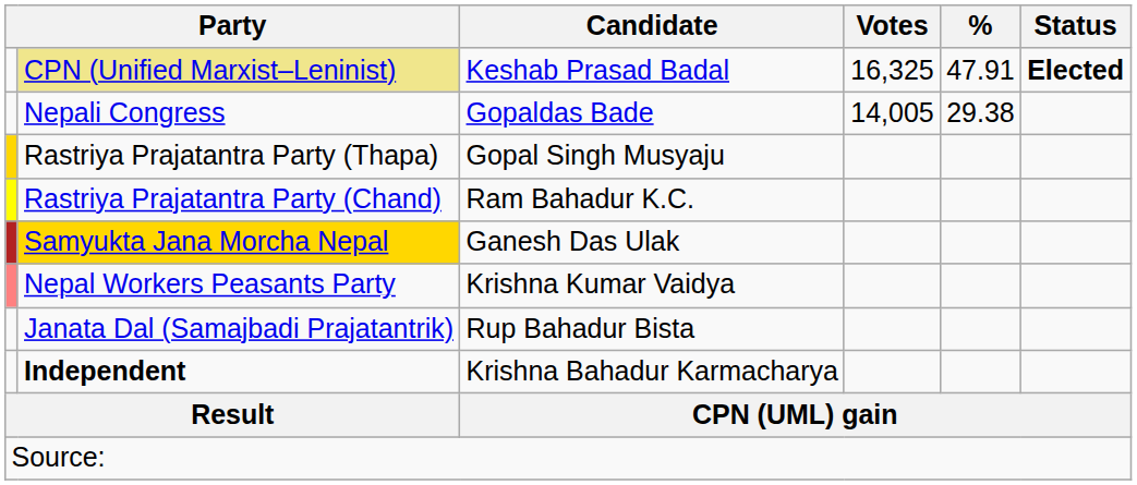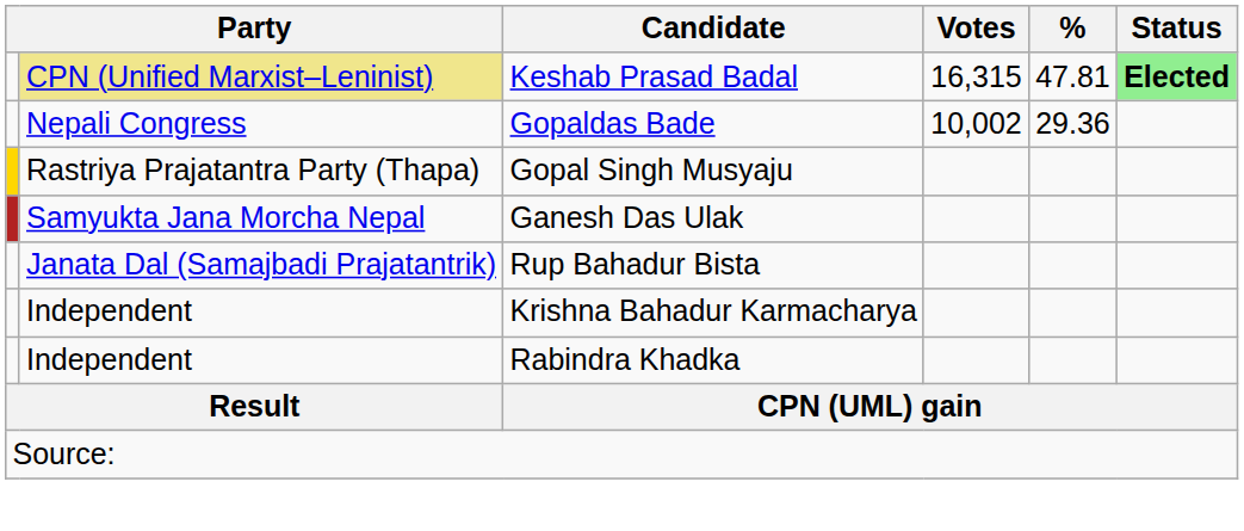 <table class="wikitable">
 <tr>
 <th colspan="2">Party</th>
 <th>Candidate</th>
 <th>Votes</th>
 <th>%</th>
 <th>Status</th>
 </tr>
 <tr>
 <td style="background-color:"></td>
 <td style="background: khaki;"><a href='#'>CPN (Unified Marxist–Leninist)</a></td>
 <td><a href='#'>Keshab Prasad Badal</a></td>
-<td>16,325</td>
-<td>47.91</td>
-<td><strong>Elected</strong></td>
+<td>16,315</td>
+<td>47.81</td>
+<td style="background: lightgreen;"><strong>Elected</strong></td>
 </tr>
 <tr>
 <td style="background-color:"></td>
 <td><a href='#'>Nepali Congress</a></td>
 <td><a href='#'>Gopaldas Bade</a></td>
-<td>14,005</td>
-<td>29.38</td>
+<td>10,002</td>
+<td>29.36</td>
 <td></td>
 </tr>
 <tr>
 <td style="background-color:gold"></td>
 <td>Rastriya Prajatantra Party (Thapa)</td>
 <td>Gopal Singh Musyaju</td>
 <td></td>
 <td></td>
 <td></td>
 </tr>
 <tr>
-<td style="background-color:yellow"></td>
-<td><a href='#'>Rastriya Prajatantra Party (Chand)</a></td>
-<td>Ram Bahadur K.C.</td>
-<td></td>
-<td></td>
-<td></td>
-</tr>
-<tr>
 <td style="background-color:firebrick"></td>
-<td style="background: gold;"><a href='#'>Samyukta Jana Morcha Nepal</a></td>
+<td><a href='#'>Samyukta Jana Morcha Nepal</a></td>
 <td>Ganesh Das Ulak</td>
-<td></td>
-<td></td>
-<td></td>
-</tr>
-<tr>
-<td style="background-color:#ff8080"></td>
-<td><a href='#'>Nepal Workers Peasants Party</a></td>
-<td>Krishna Kumar Vaidya</td>
 <td></td>
 <td></td>
 <td></td>
 </tr>
 <tr>
 <td></td>
 <td><a href='#'>Janata Dal (Samajbadi Prajatantrik)</a></td>
 <td>Rup Bahadur Bista</td>
 <td></td>
 <td></td>
 <td></td>
 </tr>
 <tr>
 <td></td>
-<td><strong>Independent</strong></td>
+<td>Independent</td>
 <td>Krishna Bahadur Karmacharya</td>
+<td></td>
+<td></td>
+<td></td>
+</tr>
+<tr>
+<td></td>
+<td>Independent</td>
+<td>Rabindra Khadka</td>
 <td></td>
 <td></td>
 <td></td>
 </tr>
 <tr>
 <th colspan="2">Result</th>
 <th colspan="4">CPN (UML) gain</th>
 </tr>
 <tr>
 <td colspan="6">Source: </td>
 </tr>
 </table>
